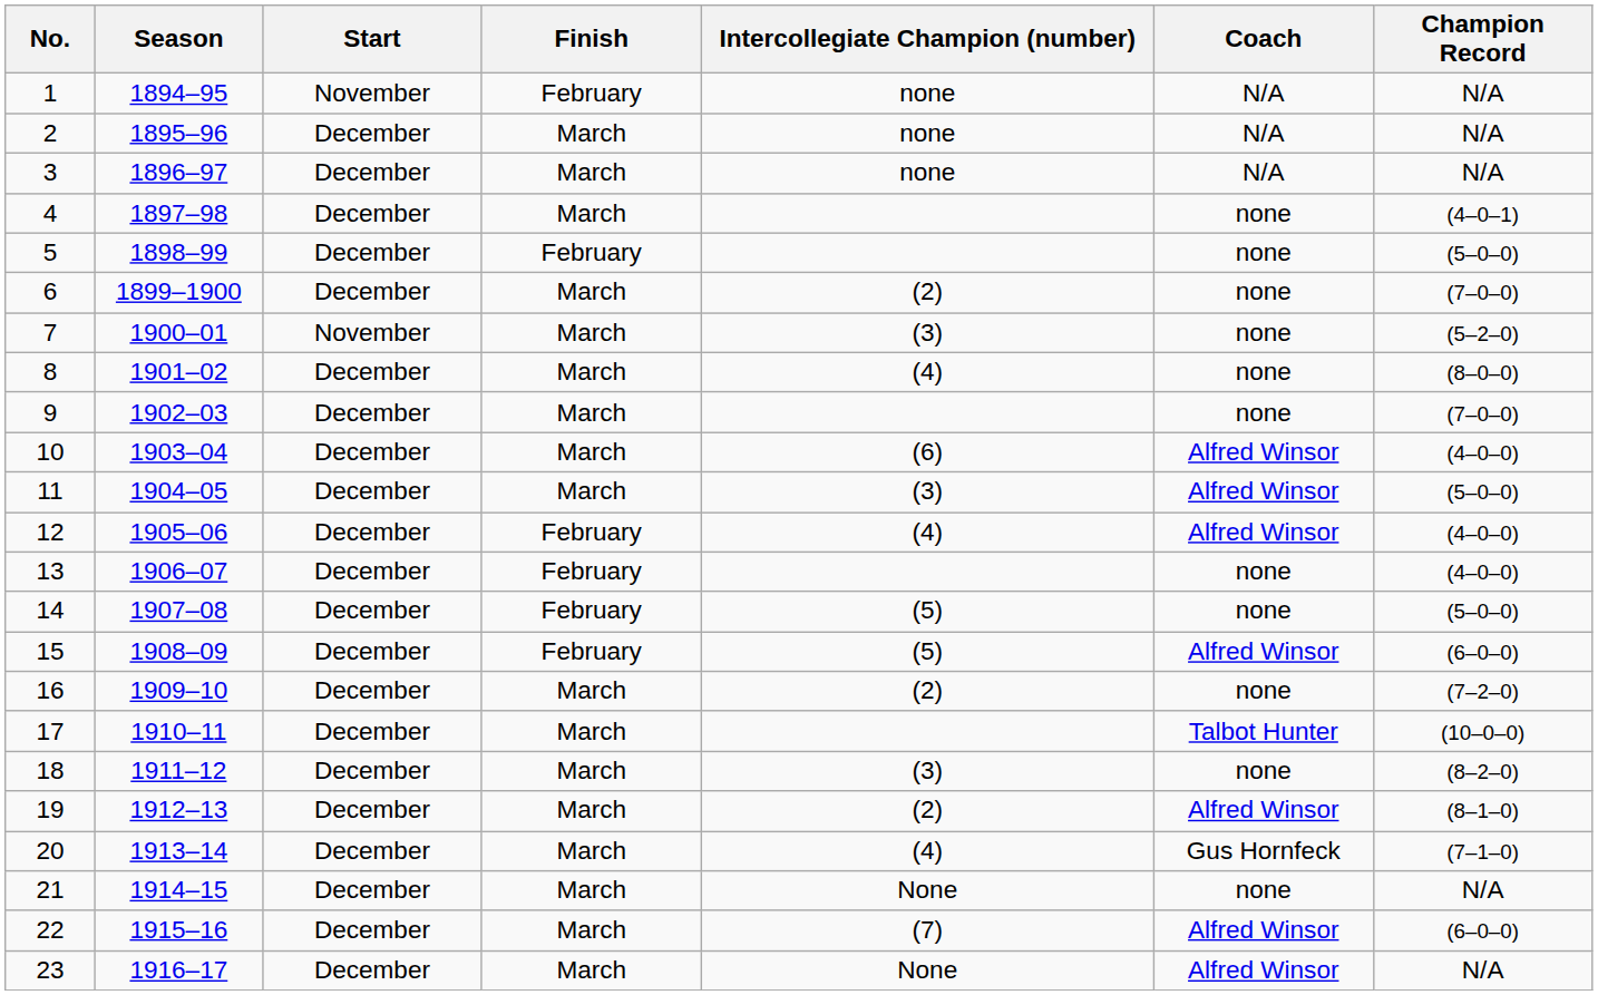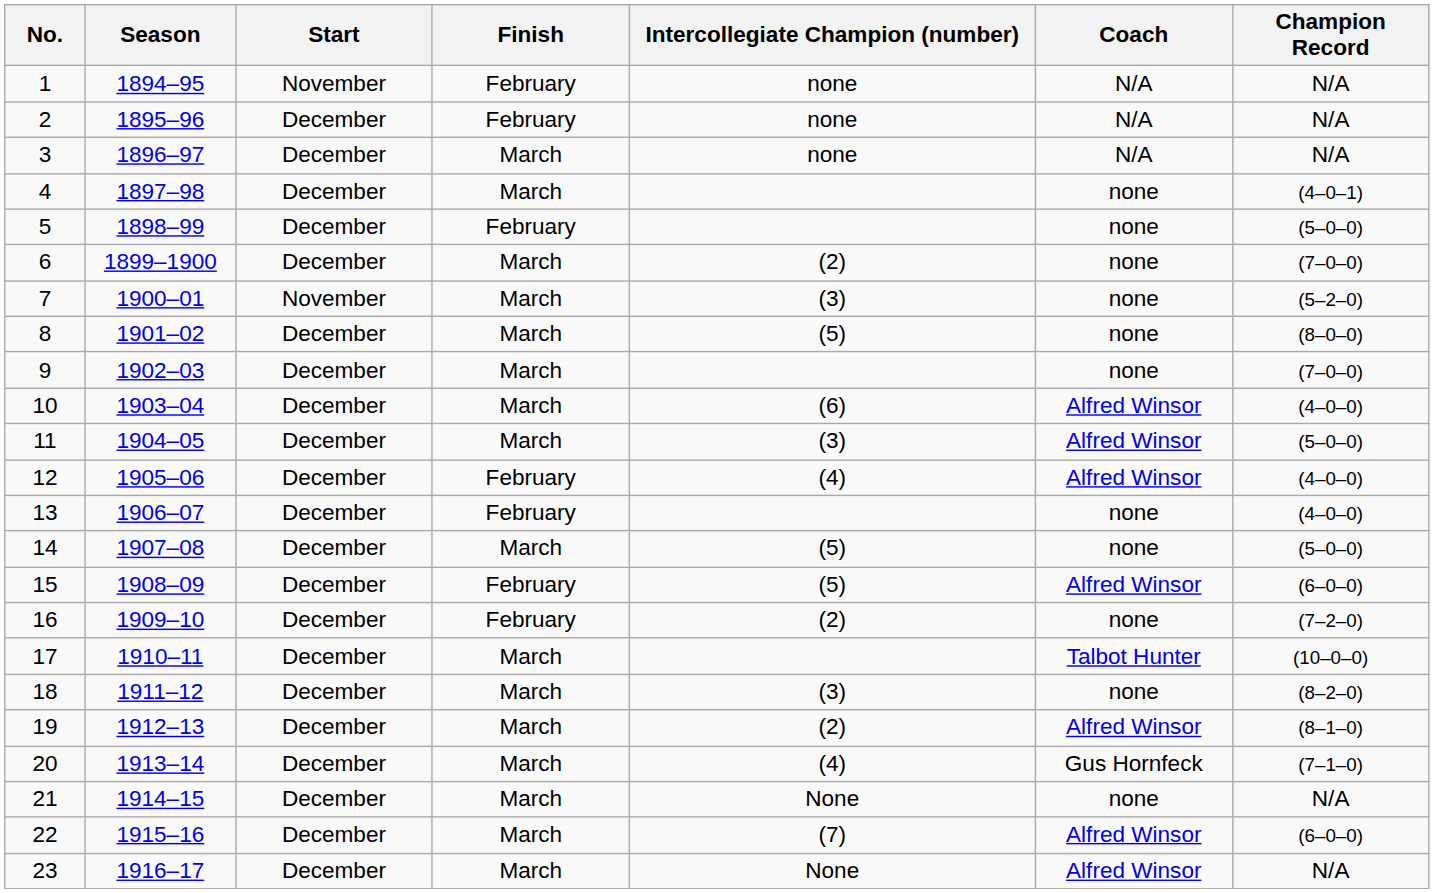 <table class="wikitable" width="80%">
 <tr>
 <th style="width:3em">No.</th>
 <th style="width:6em">Season</th>
 <th style="width:8em">Start</th>
 <th style="width:8em">Finish</th>
 <th style="width:17em">Intercollegiate Champion (number)</th>
 <th style="width:8em">Coach</th>
 <th style="width:8em">Champion Record</th>
 </tr>
 <tr style="text-align:center;">
 <td>1</td>
 <td><a href='#'>1894–95</a></td>
 <td>November</td>
 <td>February</td>
 <td>none</td>
 <td>N/A</td>
 <td>N/A</td>
 </tr>
 <tr style="text-align:center;">
 <td>2</td>
 <td><a href='#'>1895–96</a></td>
 <td>December</td>
-<td>March</td>
+<td>February</td>
 <td>none</td>
 <td>N/A</td>
 <td>N/A</td>
 </tr>
 <tr style="text-align:center;">
 <td>3</td>
 <td><a href='#'>1896–97</a></td>
 <td>December</td>
 <td>March</td>
 <td>none</td>
 <td>N/A</td>
 <td>N/A</td>
 </tr>
 <tr style="text-align:center;">
 <td>4</td>
 <td><a href='#'>1897–98</a></td>
 <td>December</td>
 <td>March</td>
 <td><strong><a href='#'></a></strong></td>
 <td>none</td>
 <td><small>(4–0–1)</small></td>
 </tr>
 <tr style="text-align:center;">
 <td>5</td>
 <td><a href='#'>1898–99</a></td>
 <td>December</td>
 <td>February</td>
 <td><strong><a href='#'></a></strong></td>
 <td>none</td>
 <td><small>(5–0–0)</small></td>
 </tr>
 <tr style="text-align:center;">
 <td>6</td>
 <td><a href='#'>1899–1900</a></td>
 <td>December</td>
 <td>March</td>
 <td><strong><a href='#'></a></strong> (2)</td>
 <td>none</td>
 <td><small>(7–0–0)</small></td>
 </tr>
 <tr style="text-align:center;">
 <td>7</td>
 <td><a href='#'>1900–01</a></td>
 <td>November</td>
 <td>March</td>
 <td><strong><a href='#'></a></strong> (3)</td>
 <td>none</td>
 <td><small>(5–2–0)</small></td>
 </tr>
 <tr style="text-align:center;">
 <td>8</td>
 <td><a href='#'>1901–02</a></td>
 <td>December</td>
 <td>March</td>
-<td><strong><a href='#'></a></strong> (4)</td>
+<td><strong><a href='#'></a></strong> (5)</td>
 <td>none</td>
 <td><small>(8–0–0)</small></td>
 </tr>
 <tr style="text-align:center;">
 <td>9</td>
 <td><a href='#'>1902–03</a></td>
 <td>December</td>
 <td>March</td>
 <td><strong><a href='#'></a></strong></td>
 <td>none</td>
 <td><small>(7–0–0)</small></td>
 </tr>
 <tr style="text-align:center;">
 <td>10</td>
 <td><a href='#'>1903–04</a></td>
 <td>December</td>
 <td>March</td>
 <td><strong><a href='#'></a></strong> (6)</td>
 <td><a href='#'>Alfred Winsor</a></td>
 <td><small>(4–0–0)</small></td>
 </tr>
 <tr style="text-align:center;">
 <td>11</td>
 <td><a href='#'>1904–05</a></td>
 <td>December</td>
 <td>March</td>
 <td><strong><a href='#'></a></strong> (3)</td>
 <td><a href='#'>Alfred Winsor</a></td>
 <td><small>(5–0–0)</small></td>
 </tr>
 <tr style="text-align:center;">
 <td>12</td>
 <td><a href='#'>1905–06</a></td>
 <td>December</td>
 <td>February</td>
 <td><strong><a href='#'></a></strong> (4)</td>
 <td><a href='#'>Alfred Winsor</a></td>
 <td><small>(4–0–0)</small></td>
 </tr>
 <tr style="text-align:center;">
 <td>13</td>
 <td><a href='#'>1906–07</a></td>
 <td>December</td>
 <td>February</td>
 <td><strong><a href='#'></a></strong></td>
 <td>none</td>
 <td><small>(4–0–0)</small></td>
 </tr>
 <tr style="text-align:center;">
 <td>14</td>
 <td><a href='#'>1907–08</a></td>
 <td>December</td>
-<td>February</td>
+<td>March</td>
 <td><strong><a href='#'></a></strong> (5)</td>
 <td>none</td>
 <td><small>(5–0–0)</small></td>
 </tr>
 <tr style="text-align:center;">
 <td>15</td>
 <td><a href='#'>1908–09</a></td>
 <td>December</td>
 <td>February</td>
 <td><strong><a href='#'></a></strong> (5)</td>
 <td><a href='#'>Alfred Winsor</a></td>
 <td><small>(6–0–0)</small></td>
 </tr>
 <tr style="text-align:center;">
 <td>16</td>
 <td><a href='#'>1909–10</a></td>
 <td>December</td>
-<td>March</td>
+<td>February</td>
 <td><strong><a href='#'></a></strong> (2)</td>
 <td>none</td>
 <td><small>(7–2–0)</small></td>
 </tr>
 <tr style="text-align:center;">
 <td>17</td>
 <td><a href='#'>1910–11</a></td>
 <td>December</td>
 <td>March</td>
 <td><strong><a href='#'></a></strong></td>
 <td><a href='#'>Talbot Hunter</a></td>
 <td><small>(10–0–0)</small></td>
 </tr>
 <tr style="text-align:center;">
 <td>18</td>
 <td><a href='#'>1911–12</a></td>
 <td>December</td>
 <td>March</td>
 <td><strong><a href='#'></a></strong> (3)</td>
 <td>none</td>
 <td><small>(8–2–0)</small></td>
 </tr>
 <tr style="text-align:center;">
 <td>19</td>
 <td><a href='#'>1912–13</a></td>
 <td>December</td>
 <td>March</td>
 <td><strong><a href='#'></a></strong> (2)</td>
 <td><a href='#'>Alfred Winsor</a></td>
 <td><small>(8–1–0)</small></td>
 </tr>
 <tr style="text-align:center;">
 <td>20</td>
 <td><a href='#'>1913–14</a></td>
 <td>December</td>
 <td>March</td>
 <td><strong><a href='#'></a></strong> (4)</td>
 <td>Gus Hornfeck</td>
 <td><small>(7–1–0)</small></td>
 </tr>
 <tr style="text-align:center;">
 <td>21</td>
 <td><a href='#'>1914–15</a></td>
 <td>December</td>
 <td>March</td>
 <td>None</td>
 <td>none</td>
 <td>N/A</td>
 </tr>
 <tr style="text-align:center;">
 <td>22</td>
 <td><a href='#'>1915–16</a></td>
 <td>December</td>
 <td>March</td>
 <td><strong><a href='#'></a></strong> (7)</td>
 <td><a href='#'>Alfred Winsor</a></td>
 <td><small>(6–0–0)</small></td>
 </tr>
 <tr style="text-align:center;">
 <td>23</td>
 <td><a href='#'>1916–17</a></td>
 <td>December</td>
 <td>March</td>
 <td>None</td>
 <td><a href='#'>Alfred Winsor</a></td>
 <td>N/A</td>
 </tr>
 </table>
